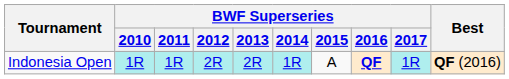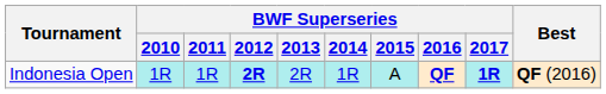 <table class="wikitable" style="font-size: 90%; text-align:center">
 <tr>
 <th rowspan="2">Tournament</th>
 <th colspan="8"><strong><a href='#'>BWF Superseries</a></strong></th>
 <th rowspan="2">Best</th>
 </tr>
 <tr>
 <th><a href='#'>2010</a></th>
 <th><a href='#'>2011</a></th>
 <th><a href='#'>2012</a></th>
 <th><a href='#'>2013</a></th>
 <th><a href='#'>2014</a></th>
 <th><a href='#'>2015</a></th>
 <th><a href='#'>2016</a></th>
 <th><a href='#'>2017</a></th>
 </tr>
 <tr>
 <td align=left><a href='#'>Indonesia Open</a></td>
 <td bgcolor=AFEEEE><a href='#'>1R</a></td>
 <td bgcolor=AFEEEE><a href='#'>1R</a></td>
-<td bgcolor=AFEEEE><a href='#'>2R</a></td>
+<td bgcolor=AFEEEE><strong><a href='#'>2R</a></strong></td>
 <td bgcolor=AFEEEE><a href='#'>2R</a></td>
 <td bgcolor=AFEEEE><a href='#'>1R</a></td>
-<td>A</td>
+<td style="background: paleturquoise;">A</td>
 <td bgcolor=FFEBCD><a href='#'><strong>QF</strong></a></td>
-<td bgcolor=AFEEEE><a href='#'>1R</a></td>
+<td bgcolor=AFEEEE><strong><a href='#'>1R</a></strong></td>
 <td bgcolor=FFEBCD><strong>QF</strong> (2016)</td>
 </tr>
 </table>
